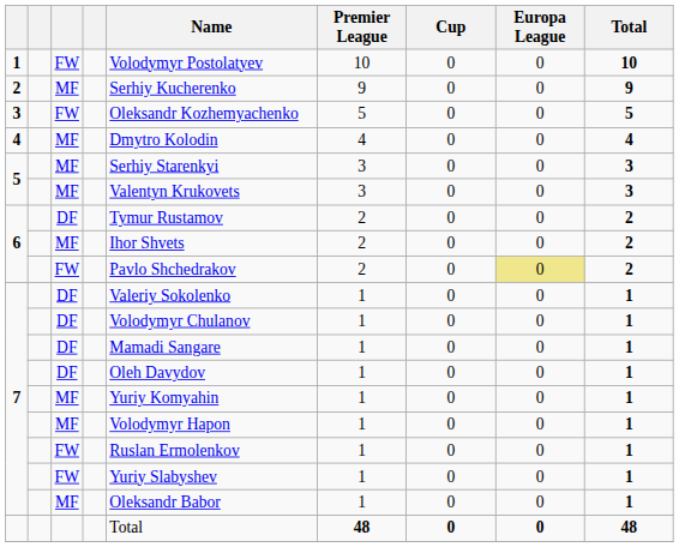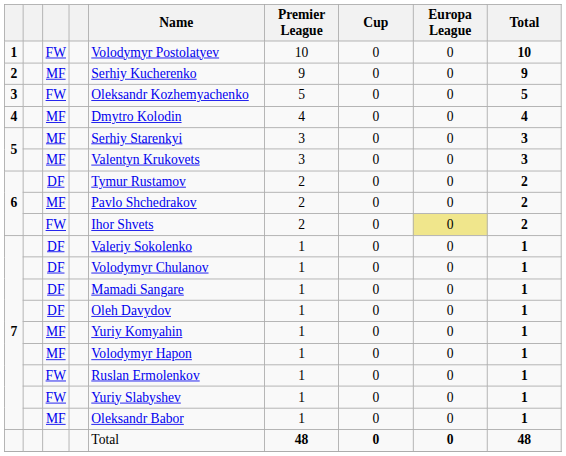 <table class="wikitable" style="text-align:center">
 <tr>
 <th width=15></th>
 <th width=15></th>
 <th width=15></th>
 <th width=15></th>
 <th width=200>Name</th>
 <th width=80><strong>Premier League</strong></th>
 <th width=80><strong>Cup</strong></th>
 <th width=80><strong>Europa League</strong></th>
 <th width=80>Total</th>
 </tr>
 <tr>
 <td><strong>1</strong></td>
 <td></td>
 <td><a href='#'>FW</a></td>
 <td></td>
 <td align=left><a href='#'>Volodymyr Postolatyev</a></td>
 <td>10</td>
 <td>0</td>
 <td>0</td>
 <td><strong>10</strong></td>
 </tr>
 <tr>
 <td><strong>2</strong></td>
 <td></td>
 <td><a href='#'>MF</a></td>
 <td></td>
 <td align=left><a href='#'>Serhiy Kucherenko</a></td>
 <td>9</td>
 <td>0</td>
 <td>0</td>
 <td><strong>9</strong></td>
 </tr>
 <tr>
 <td><strong>3</strong></td>
 <td></td>
 <td><a href='#'>FW</a></td>
 <td></td>
 <td align=left><a href='#'>Oleksandr Kozhemyachenko</a></td>
 <td>5</td>
 <td>0</td>
 <td>0</td>
 <td><strong>5</strong></td>
 </tr>
 <tr>
 <td><strong>4</strong></td>
 <td></td>
 <td><a href='#'>MF</a></td>
 <td></td>
 <td align=left><a href='#'>Dmytro Kolodin</a></td>
 <td>4</td>
 <td>0</td>
 <td>0</td>
 <td><strong>4</strong></td>
 </tr>
 <tr>
 <td rowspan=2><strong>5</strong></td>
 <td></td>
 <td><a href='#'>MF</a></td>
 <td></td>
 <td align=left><a href='#'>Serhiy Starenkyi</a></td>
 <td>3</td>
 <td>0</td>
 <td>0</td>
 <td><strong>3</strong></td>
 </tr>
 <tr>
 <td></td>
 <td><a href='#'>MF</a></td>
 <td></td>
 <td align=left><a href='#'>Valentyn Krukovets</a></td>
 <td>3</td>
 <td>0</td>
 <td>0</td>
 <td><strong>3</strong></td>
 </tr>
 <tr>
 <td rowspan=3><strong>6</strong></td>
 <td></td>
 <td><a href='#'>DF</a></td>
 <td></td>
 <td align=left><a href='#'>Tymur Rustamov</a></td>
 <td>2</td>
 <td>0</td>
 <td>0</td>
 <td><strong>2</strong></td>
 </tr>
 <tr>
 <td></td>
 <td><a href='#'>MF</a></td>
 <td></td>
-<td align=left><a href='#'>Ihor Shvets</a></td>
+<td align=left><a href='#'>Pavlo Shchedrakov</a></td>
 <td>2</td>
 <td>0</td>
 <td>0</td>
 <td><strong>2</strong></td>
 </tr>
 <tr>
 <td></td>
 <td><a href='#'>FW</a></td>
 <td></td>
-<td align=left><a href='#'>Pavlo Shchedrakov</a></td>
+<td align=left><a href='#'>Ihor Shvets</a></td>
 <td>2</td>
 <td>0</td>
 <td style="background: khaki;">0</td>
 <td><strong>2</strong></td>
 </tr>
 <tr>
 <td rowspan=9><strong>7</strong></td>
 <td></td>
 <td><a href='#'>DF</a></td>
 <td></td>
 <td align=left><a href='#'>Valeriy Sokolenko</a></td>
 <td>1</td>
 <td>0</td>
 <td>0</td>
 <td><strong>1</strong></td>
 </tr>
 <tr>
 <td></td>
 <td><a href='#'>DF</a></td>
 <td></td>
 <td align=left><a href='#'>Volodymyr Chulanov</a></td>
 <td>1</td>
 <td>0</td>
 <td>0</td>
 <td><strong>1</strong></td>
 </tr>
 <tr>
 <td></td>
 <td><a href='#'>DF</a></td>
 <td></td>
 <td align=left><a href='#'>Mamadi Sangare</a></td>
 <td>1</td>
 <td>0</td>
 <td>0</td>
 <td><strong>1</strong></td>
 </tr>
 <tr>
 <td></td>
 <td><a href='#'>DF</a></td>
 <td></td>
 <td align=left><a href='#'>Oleh Davydov</a></td>
 <td>1</td>
 <td>0</td>
 <td>0</td>
 <td><strong>1</strong></td>
 </tr>
 <tr>
 <td></td>
 <td><a href='#'>MF</a></td>
 <td></td>
 <td align=left><a href='#'>Yuriy Komyahin</a></td>
 <td>1</td>
 <td>0</td>
 <td>0</td>
 <td><strong>1</strong></td>
 </tr>
 <tr>
 <td></td>
 <td><a href='#'>MF</a></td>
 <td></td>
 <td align=left><a href='#'>Volodymyr Hapon</a></td>
 <td>1</td>
 <td>0</td>
 <td>0</td>
 <td><strong>1</strong></td>
 </tr>
 <tr>
 <td></td>
 <td><a href='#'>FW</a></td>
 <td></td>
 <td align=left><a href='#'>Ruslan Ermolenkov</a></td>
 <td>1</td>
 <td>0</td>
 <td>0</td>
 <td><strong>1</strong></td>
 </tr>
 <tr>
 <td></td>
 <td><a href='#'>FW</a></td>
 <td></td>
 <td align=left><a href='#'>Yuriy Slabyshev</a></td>
 <td>1</td>
 <td>0</td>
 <td>0</td>
 <td><strong>1</strong></td>
 </tr>
 <tr>
 <td></td>
 <td><a href='#'>MF</a></td>
 <td></td>
 <td align=left><a href='#'>Oleksandr Babor</a></td>
 <td>1</td>
 <td>0</td>
 <td>0</td>
 <td><strong>1</strong></td>
 </tr>
 <tr>
 <td></td>
 <td></td>
 <td></td>
 <td></td>
 <td align=left>Total</td>
 <td><strong>48</strong></td>
 <td><strong>0</strong></td>
 <td><strong>0</strong></td>
 <td><strong>48</strong></td>
 </tr>
 <tr>
 </tr>
 </table>
